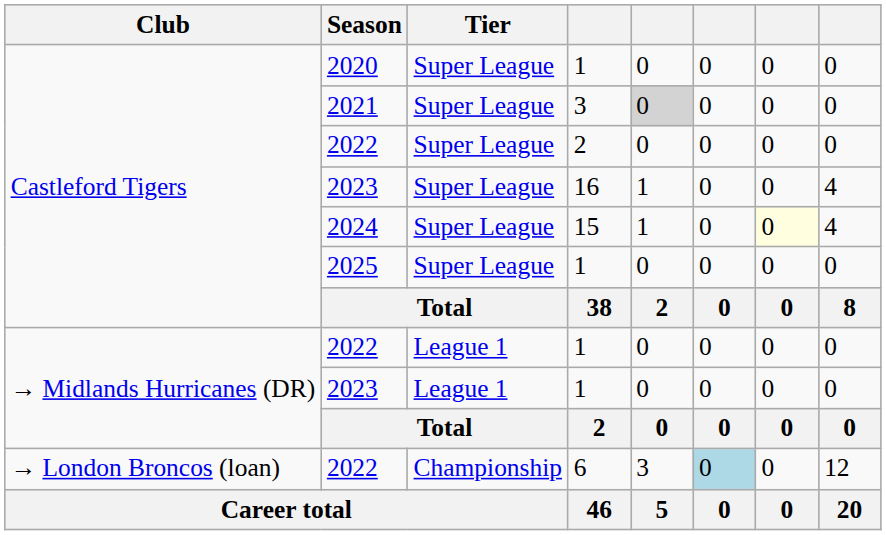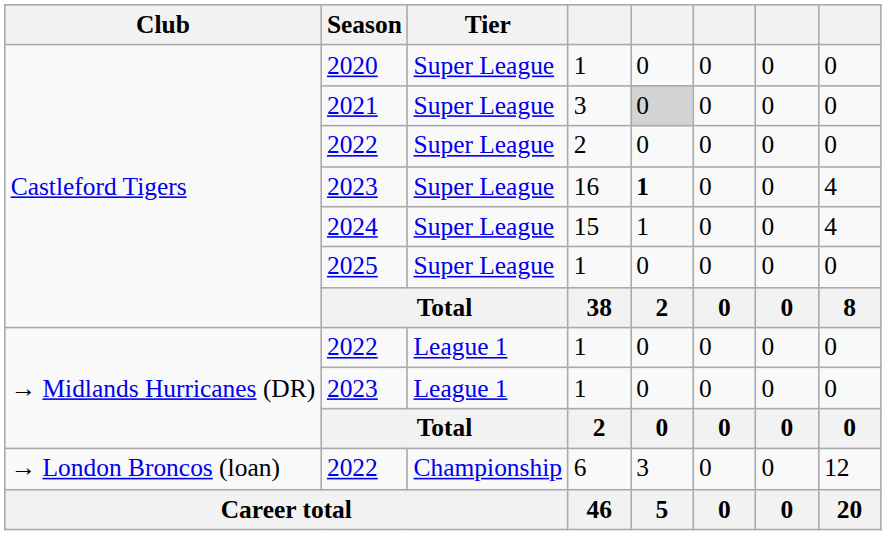 <table class="wikitable defaultcenter">
 <tr>
 <th>Club</th>
 <th>Season</th>
 <th>Tier</th>
 <th style="width:2em;"></th>
 <th style="width:2em;"></th>
 <th style="width:2em;"></th>
 <th style="width:2em;"></th>
 <th style="width:2em;"></th>
 </tr>
 <tr>
 <td rowspan="7" style="text-align:left;"> <a href='#'>Castleford Tigers</a></td>
 <td><a href='#'>2020</a></td>
 <td><a href='#'>Super League</a></td>
 <td>1</td>
 <td>0</td>
 <td>0</td>
 <td>0</td>
 <td>0</td>
 </tr>
 <tr>
 <td><a href='#'>2021</a></td>
 <td><a href='#'>Super League</a></td>
 <td>3</td>
 <td style="background: lightgrey;">0</td>
 <td>0</td>
 <td>0</td>
 <td>0</td>
 </tr>
 <tr>
 <td><a href='#'>2022</a></td>
 <td><a href='#'>Super League</a></td>
 <td>2</td>
 <td>0</td>
 <td>0</td>
 <td>0</td>
 <td>0</td>
 </tr>
 <tr>
 <td><a href='#'>2023</a></td>
 <td><a href='#'>Super League</a></td>
 <td>16</td>
-<td>1</td>
+<td><strong>1</strong></td>
 <td>0</td>
 <td>0</td>
 <td>4</td>
 </tr>
 <tr>
 <td><a href='#'>2024</a></td>
 <td><a href='#'>Super League</a></td>
 <td>15</td>
 <td>1</td>
 <td>0</td>
-<td style="background: lightyellow;">0</td>
+<td>0</td>
 <td>4</td>
 </tr>
 <tr>
 <td><a href='#'>2025</a></td>
 <td><a href='#'>Super League</a></td>
 <td>1</td>
 <td>0</td>
 <td>0</td>
 <td>0</td>
 <td>0</td>
 </tr>
 <tr>
 <th colspan="2">Total</th>
 <th>38</th>
 <th>2</th>
 <th>0</th>
 <th>0</th>
 <th>8</th>
 </tr>
 <tr>
 <td rowspan="3" style="text-align:left;">→  <a href='#'>Midlands Hurricanes</a> (DR)</td>
 <td><a href='#'>2022</a></td>
 <td><a href='#'>League 1</a></td>
 <td>1</td>
 <td>0</td>
 <td>0</td>
 <td>0</td>
 <td>0</td>
 </tr>
 <tr>
 <td><a href='#'>2023</a></td>
 <td><a href='#'>League 1</a></td>
 <td>1</td>
 <td>0</td>
 <td>0</td>
 <td>0</td>
 <td>0</td>
 </tr>
 <tr>
 <th colspan="2">Total</th>
 <th>2</th>
 <th>0</th>
 <th>0</th>
 <th>0</th>
 <th>0</th>
 </tr>
 <tr>
 <td style="text-align:left;">→  <a href='#'>London Broncos</a> (loan)</td>
 <td><a href='#'>2022</a></td>
 <td><a href='#'>Championship</a></td>
 <td>6</td>
 <td>3</td>
-<td style="background: lightblue;">0</td>
+<td>0</td>
 <td>0</td>
 <td>12</td>
 </tr>
 <tr>
 <th colspan="3">Career total</th>
 <th>46</th>
 <th>5</th>
 <th>0</th>
 <th>0</th>
 <th>20</th>
 </tr>
 </table>
